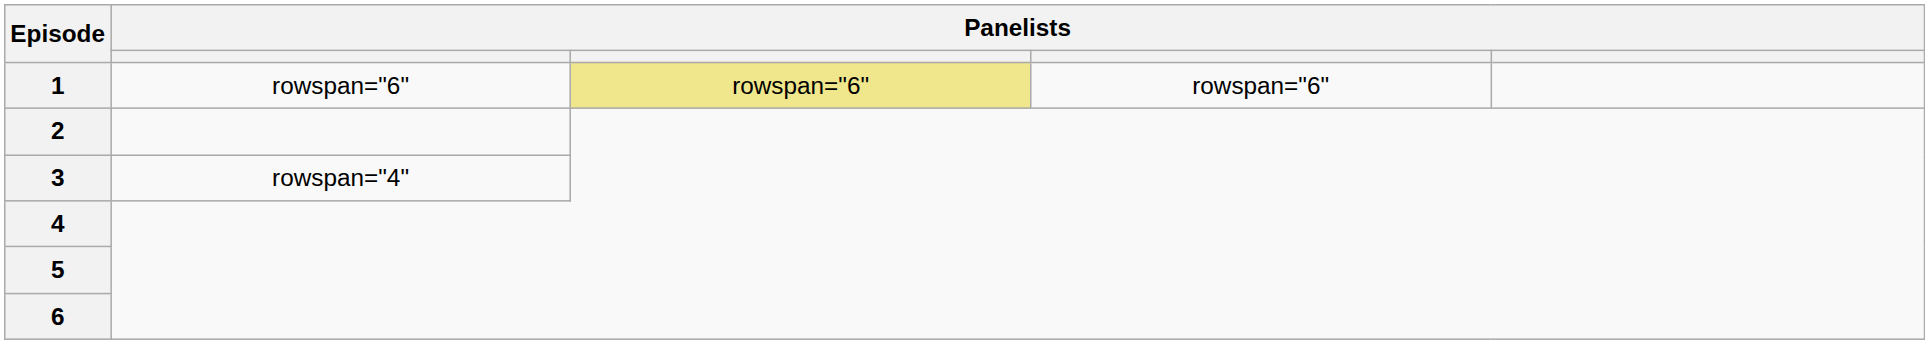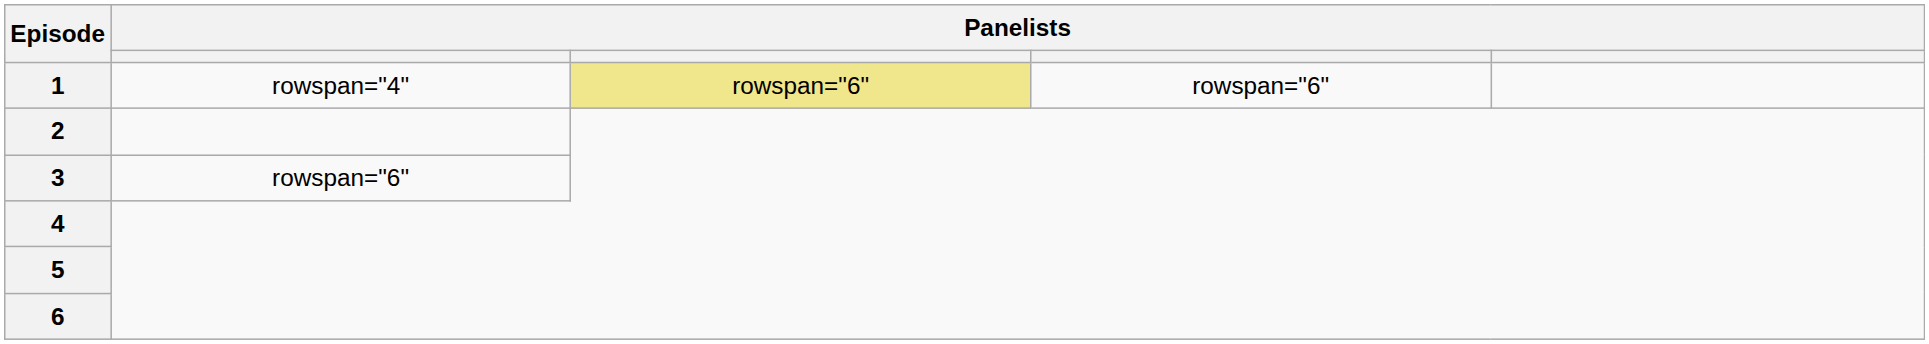 <table class="wikitable plainrowheaders mw-collapsible" style="text-align:center; line-height:23px; width:100%;">
 <tr>
 <th rowspan="2" width="1%">Episode</th>
 <th colspan="4">Panelists</th>
 </tr>
 <tr>
 <th width="25%"></th>
 <th width="25%"></th>
 <th width="25%"></th>
 <th width="25%"></th>
 </tr>
 <tr>
 <th>1</th>
-<td>rowspan="6" </td>
+<td>rowspan="4" </td>
 <td style="background: khaki;">rowspan="6" </td>
 <td>rowspan="6" </td>
 <td></td>
 </tr>
 <tr>
 <th>2</th>
 <td></td>
 </tr>
 <tr>
 <th>3</th>
-<td>rowspan="4" </td>
+<td>rowspan="6" </td>
 </tr>
 <tr>
 <th>4</th>
 </tr>
 <tr>
 <th>5</th>
 </tr>
 <tr>
 <th>6</th>
 </tr>
 </table>
